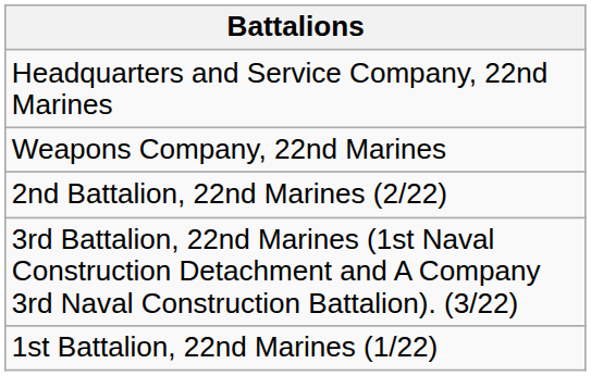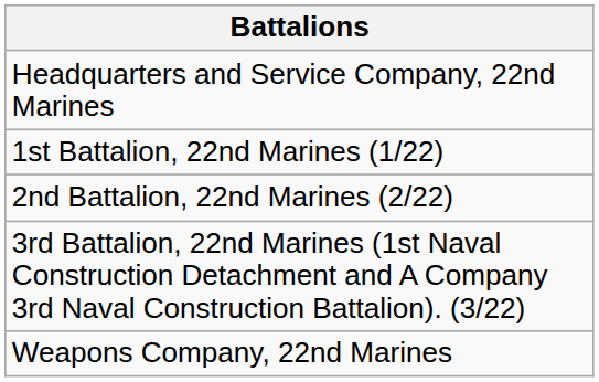 <table class="wikitable" style="text-align: center;">
 <tr>
 <th style="width:20em">Battalions</th>
 </tr>
 <tr>
 <td align="left">Headquarters and Service Company, 22nd Marines</td>
 </tr>
 <tr>
-<td align="left">Weapons Company, 22nd Marines</td>
+<td align="left">1st Battalion, 22nd Marines (1/22)</td>
 </tr>
 <tr>
 <td align="left">2nd Battalion, 22nd Marines (2/22)</td>
 </tr>
 <tr>
 <td align="left">3rd Battalion, 22nd Marines (1st Naval Construction Detachment and A Company 3rd Naval Construction Battalion). (3/22)</td>
 </tr>
 <tr>
-<td align="left">1st Battalion, 22nd Marines (1/22)</td>
+<td align="left">Weapons Company, 22nd Marines</td>
 </tr>
 </table>
